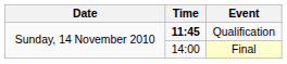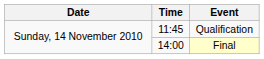 <table class = "wikitable" style="text-align:center;">
 <tr>
 <th width=220>Date</th>
 <th width=50>Time</th>
 <th width=100>Event</th>
 </tr>
 <tr>
 <td rowspan=2>Sunday, 14 November 2010</td>
-<td><strong>11:45</strong></td>
+<td>11:45</td>
 <td>Qualification</td>
 </tr>
 <tr>
 <td>14:00</td>
 <td bgcolor=ffffcc>Final</td>
 </tr>
 </table>
